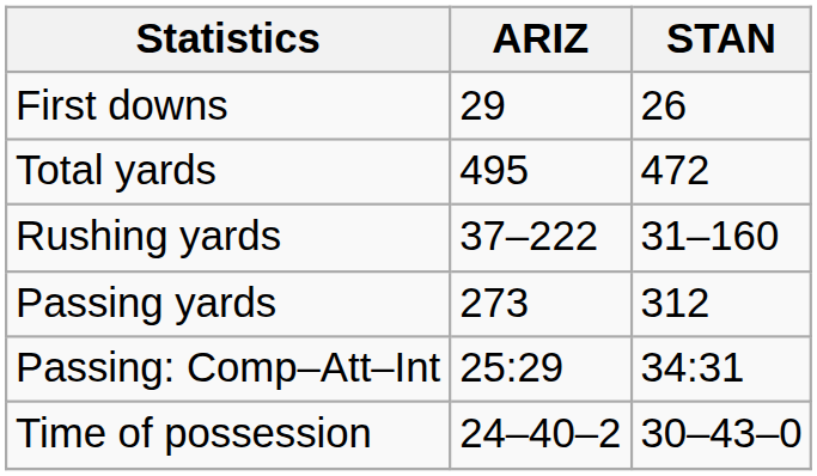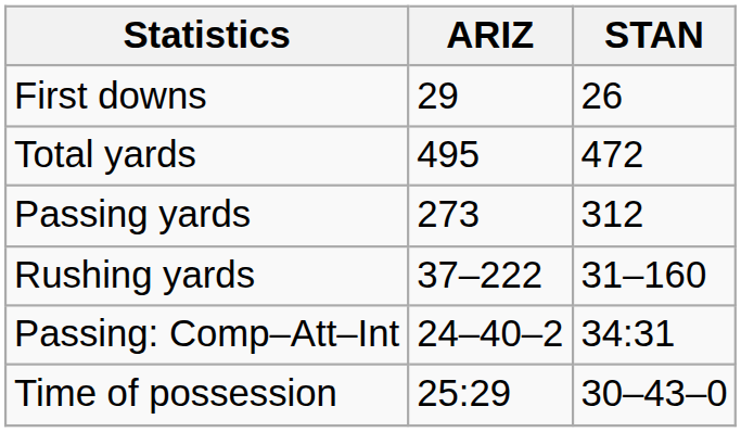 <table class="wikitable" style="float: left;">
 <tr>
 <th>Statistics</th>
 <th>ARIZ</th>
 <th>STAN</th>
 </tr>
 <tr>
 <td>First downs</td>
 <td>29</td>
 <td>26</td>
 </tr>
 <tr>
 <td>Total yards</td>
 <td>495</td>
 <td>472</td>
 </tr>
 <tr>
+<td>Passing yards</td>
+<td>273</td>
+<td>312</td>
+</tr>
+<tr>
 <td>Rushing yards</td>
 <td>37–222</td>
 <td>31–160</td>
 </tr>
 <tr>
-<td>Passing yards</td>
-<td>273</td>
-<td>312</td>
-</tr>
-<tr>
 <td>Passing: Comp–Att–Int</td>
-<td>25:29</td>
+<td>24–40–2</td>
 <td>34:31</td>
 </tr>
 <tr>
 <td>Time of possession</td>
-<td>24–40–2</td>
+<td>25:29</td>
 <td>30–43–0</td>
 </tr>
 <tr>
 </tr>
 </table>
